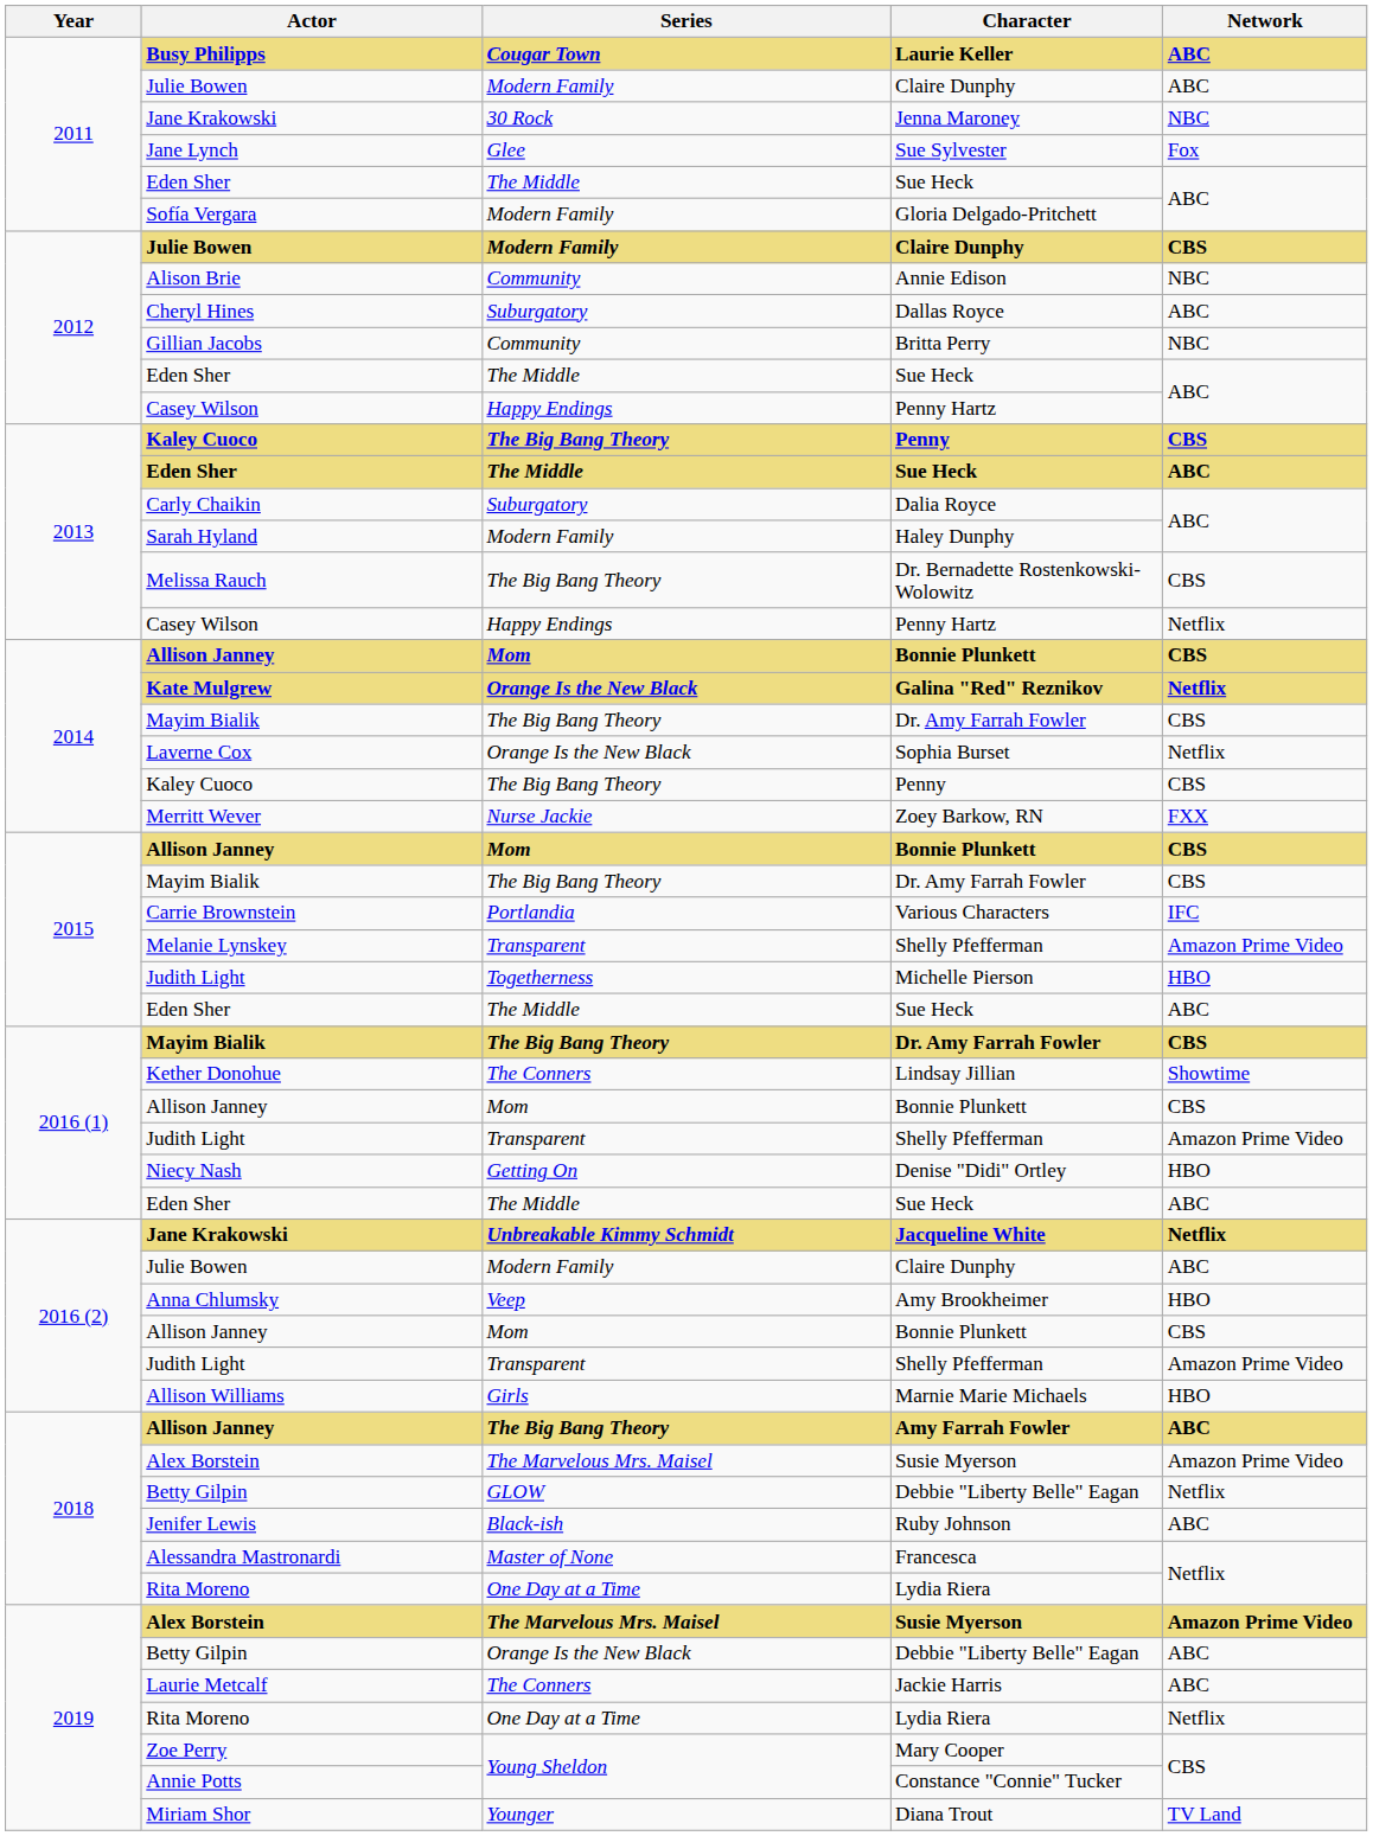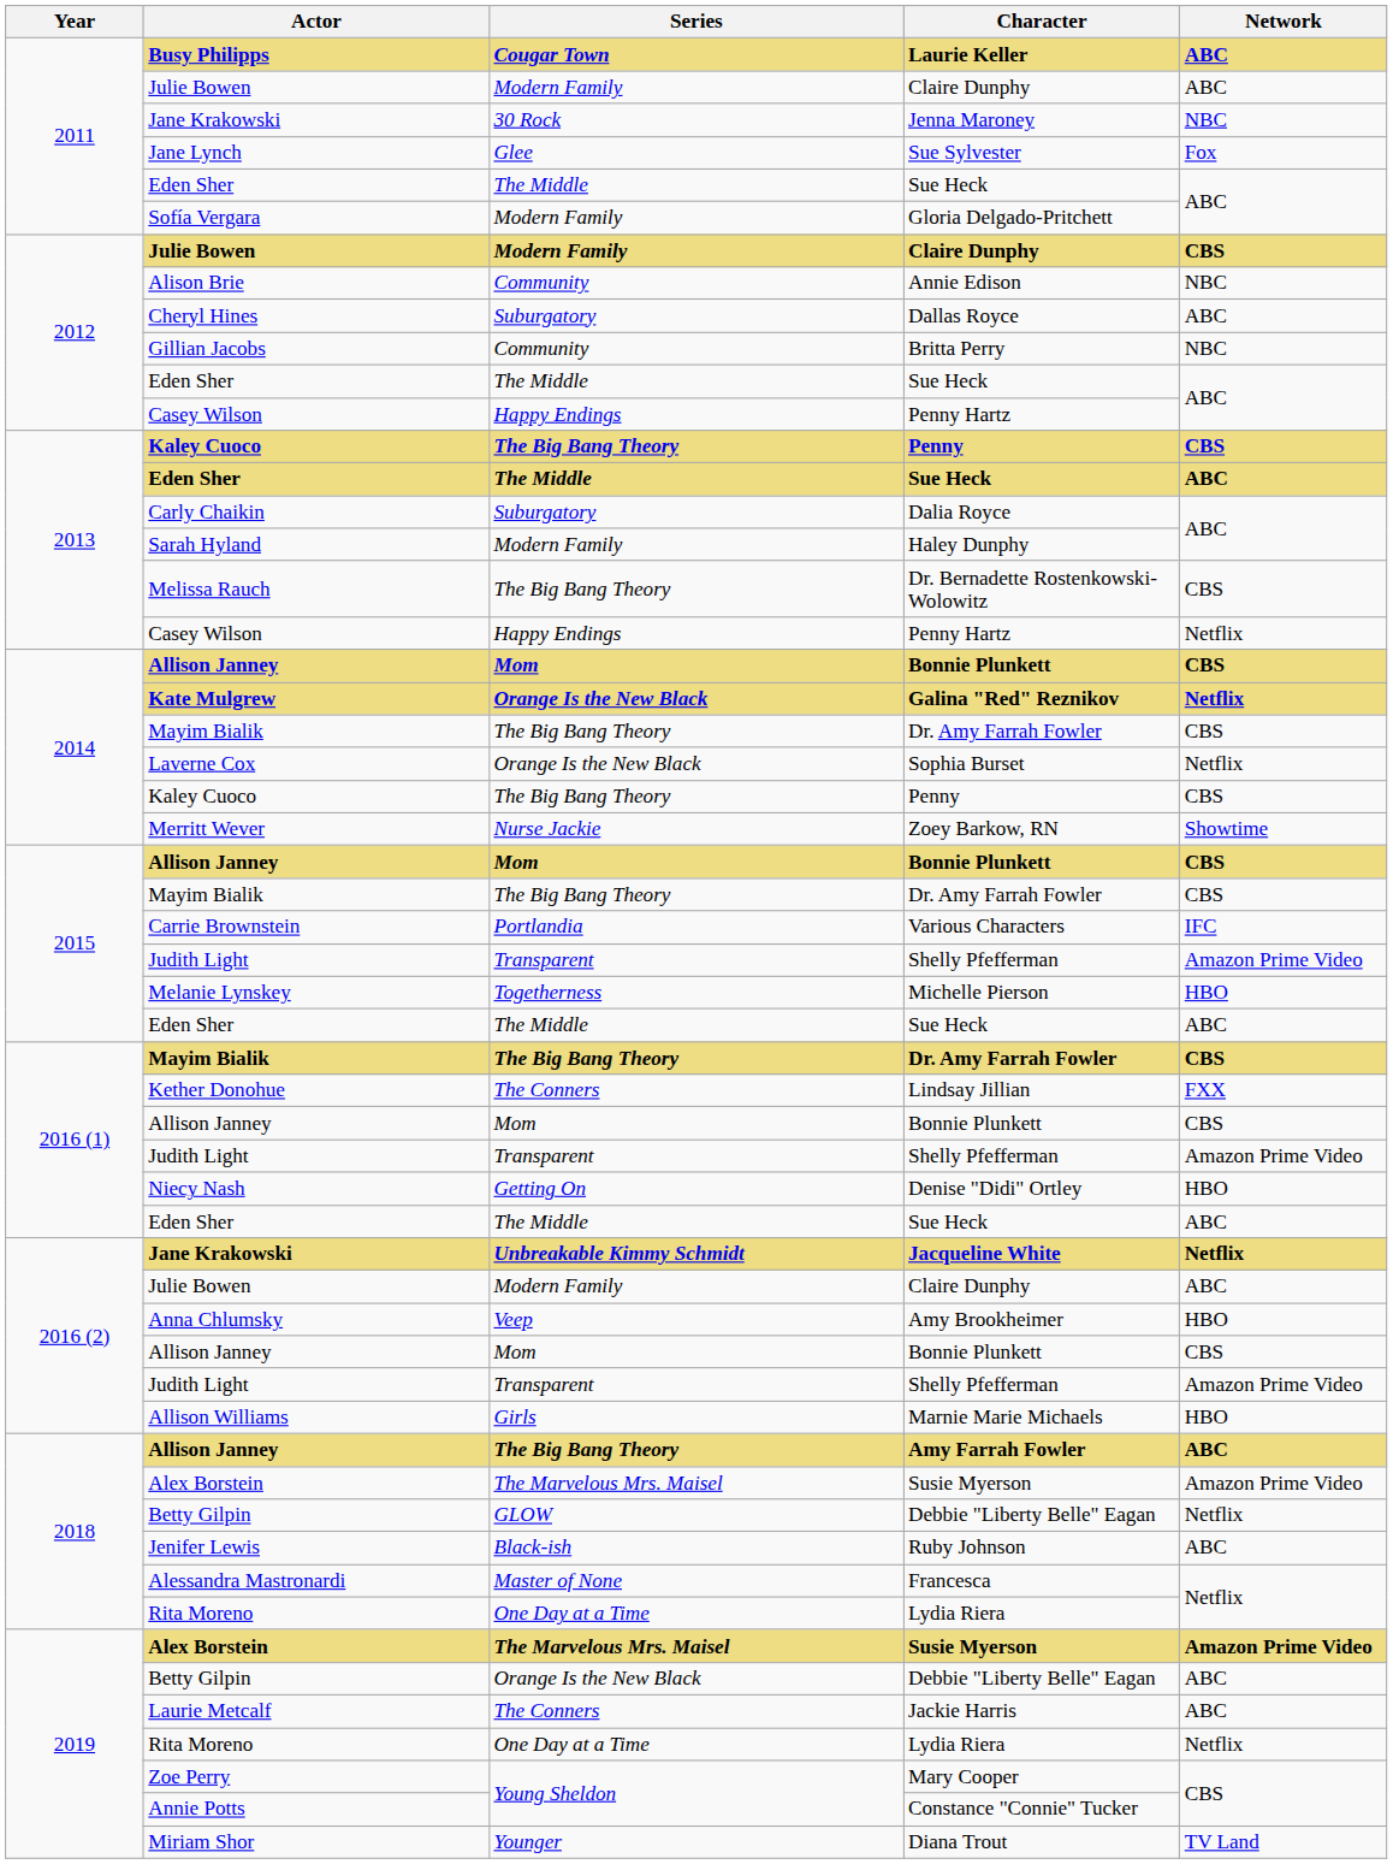 <table class="wikitable sortable" style="width:85%">
 <tr style="background:#bebebe;">
 <th style="width:10%;">Year</th>
 <th style="wodth:25%;">Actor</th>
 <th style="width:30%;">Series</th>
 <th style="width:20%;">Character</th>
 <th style="width:15%;">Network</th>
 </tr>
 <tr>
 <td rowspan="6" style="text-align:center;"><a href='#'>2011</a><br></td>
 <td style="background:#EEDD82;"><strong><a href='#'>Busy Philipps</a></strong></td>
 <td style="background:#EEDD82;"><strong><em><a href='#'>Cougar Town</a></em></strong></td>
 <td style="background:#EEDD82;"><strong>Laurie Keller</strong></td>
 <td style="background:#EEDD82;"><strong><a href='#'>ABC</a></strong></td>
 </tr>
 <tr>
 <td><a href='#'>Julie Bowen</a></td>
 <td><em><a href='#'>Modern Family</a></em></td>
 <td>Claire Dunphy</td>
 <td>ABC</td>
 </tr>
 <tr>
 <td><a href='#'>Jane Krakowski</a></td>
 <td><em><a href='#'>30 Rock</a></em></td>
 <td><a href='#'>Jenna Maroney</a></td>
 <td><a href='#'>NBC</a></td>
 </tr>
 <tr>
 <td><a href='#'>Jane Lynch</a></td>
 <td><em><a href='#'>Glee</a></em></td>
 <td><a href='#'>Sue Sylvester</a></td>
 <td><a href='#'>Fox</a></td>
 </tr>
 <tr>
 <td><a href='#'>Eden Sher</a></td>
 <td><em><a href='#'>The Middle</a></em></td>
 <td>Sue Heck</td>
 <td rowspan="2">ABC</td>
 </tr>
 <tr>
 <td><a href='#'>Sofía Vergara</a></td>
 <td><em>Modern Family</em></td>
 <td>Gloria Delgado-Pritchett</td>
 </tr>
 <tr>
 <td rowspan="6" style="text-align:center;"><a href='#'>2012</a><br></td>
 <td style="background:#EEDD82;"><strong>Julie Bowen</strong></td>
 <td style="background:#EEDD82;"><strong><em>Modern Family</em></strong></td>
 <td style="background:#EEDD82;"><strong>Claire Dunphy</strong></td>
 <td style="background:#EEDD82;"><strong>CBS</strong></td>
 </tr>
 <tr>
 <td><a href='#'>Alison Brie</a></td>
 <td><em><a href='#'>Community</a></em></td>
 <td>Annie Edison</td>
 <td>NBC</td>
 </tr>
 <tr>
 <td><a href='#'>Cheryl Hines</a></td>
 <td><em><a href='#'>Suburgatory</a></em></td>
 <td>Dallas Royce</td>
 <td>ABC</td>
 </tr>
 <tr>
 <td><a href='#'>Gillian Jacobs</a></td>
 <td><em>Community</em></td>
 <td>Britta Perry</td>
 <td>NBC</td>
 </tr>
 <tr>
 <td>Eden Sher</td>
 <td><em>The Middle</em></td>
 <td>Sue Heck</td>
 <td rowspan="2">ABC</td>
 </tr>
 <tr>
 <td><a href='#'>Casey Wilson</a></td>
 <td><em><a href='#'>Happy Endings</a></em></td>
 <td>Penny Hartz</td>
 </tr>
 <tr>
 <td rowspan="6" style="text-align:center;"><a href='#'>2013</a><br></td>
 <td style="background:#EEDD82;"><strong><a href='#'>Kaley Cuoco</a></strong></td>
 <td style="background:#EEDD82;"><strong><em><a href='#'>The Big Bang Theory</a></em></strong></td>
 <td style="background:#EEDD82;"><strong><a href='#'>Penny</a></strong></td>
 <td style="background:#EEDD82;"><strong><a href='#'>CBS</a></strong></td>
 </tr>
 <tr>
 <td style="background:#EEDD82;"><strong>Eden Sher</strong></td>
 <td style="background:#EEDD82;"><strong><em>The Middle</em></strong></td>
 <td style="background:#EEDD82;"><strong>Sue Heck</strong></td>
 <td style="background:#EEDD82;"><strong>ABC</strong></td>
 </tr>
 <tr>
 <td><a href='#'>Carly Chaikin</a></td>
 <td><em><a href='#'>Suburgatory</a></em></td>
 <td>Dalia Royce</td>
 <td rowspan="2">ABC</td>
 </tr>
 <tr>
 <td><a href='#'>Sarah Hyland</a></td>
 <td><em>Modern Family</em></td>
 <td>Haley Dunphy</td>
 </tr>
 <tr>
 <td><a href='#'>Melissa Rauch</a></td>
 <td><em>The Big Bang Theory</em></td>
 <td>Dr. Bernadette Rostenkowski-Wolowitz</td>
 <td>CBS</td>
 </tr>
 <tr>
 <td>Casey Wilson</td>
 <td><em>Happy Endings</em></td>
 <td>Penny Hartz</td>
 <td>Netflix</td>
 </tr>
 <tr>
 <td rowspan="6" style="text-align:center;"><a href='#'>2014</a><br></td>
 <td style="background:#EEDD82;"><strong><a href='#'>Allison Janney</a></strong></td>
 <td style="background:#EEDD82;"><strong><em><a href='#'>Mom</a></em></strong></td>
 <td style="background:#EEDD82;"><strong>Bonnie Plunkett</strong></td>
 <td style="background:#EEDD82;"><strong>CBS</strong></td>
 </tr>
 <tr>
 <td style="background:#EEDD82;"><strong><a href='#'>Kate Mulgrew</a></strong></td>
 <td style="background:#EEDD82;"><strong><em><a href='#'>Orange Is the New Black</a></em></strong></td>
 <td style="background:#EEDD82;"><strong>Galina "Red" Reznikov</strong></td>
 <td style="background:#EEDD82;"><strong><a href='#'>Netflix</a></strong></td>
 </tr>
 <tr>
 <td><a href='#'>Mayim Bialik</a></td>
 <td><em>The Big Bang Theory</em></td>
 <td>Dr. <a href='#'>Amy Farrah Fowler</a></td>
 <td>CBS</td>
 </tr>
 <tr>
 <td><a href='#'>Laverne Cox</a></td>
 <td><em>Orange Is the New Black</em></td>
 <td>Sophia Burset</td>
 <td>Netflix</td>
 </tr>
 <tr>
 <td>Kaley Cuoco</td>
 <td><em>The Big Bang Theory</em></td>
 <td>Penny</td>
 <td>CBS</td>
 </tr>
 <tr>
 <td><a href='#'>Merritt Wever</a></td>
 <td><em><a href='#'>Nurse Jackie</a></em></td>
 <td>Zoey Barkow, RN</td>
-<td><a href='#'>FXX</a></td>
+<td><a href='#'>Showtime</a></td>
 </tr>
 <tr>
 <td rowspan="6" style="text-align:center;"><a href='#'>2015</a></td>
 <td style="background:#EEDD82;"><strong>Allison Janney</strong></td>
 <td style="background:#EEDD82;"><strong><em>Mom</em></strong></td>
 <td style="background:#EEDD82;"><strong>Bonnie Plunkett</strong></td>
 <td style="background:#EEDD82;"><strong>CBS</strong></td>
 </tr>
 <tr>
 <td>Mayim Bialik</td>
 <td><em>The Big Bang Theory</em></td>
 <td>Dr. Amy Farrah Fowler</td>
 <td>CBS</td>
 </tr>
 <tr>
 <td><a href='#'>Carrie Brownstein</a></td>
 <td><em><a href='#'>Portlandia</a></em></td>
 <td>Various Characters</td>
 <td><a href='#'>IFC</a></td>
 </tr>
 <tr>
-<td><a href='#'>Melanie Lynskey</a></td>
+<td><a href='#'>Judith Light</a></td>
 <td><em><a href='#'>Transparent</a></em></td>
 <td>Shelly Pfefferman</td>
 <td><a href='#'>Amazon Prime Video</a></td>
 </tr>
 <tr>
-<td><a href='#'>Judith Light</a></td>
+<td><a href='#'>Melanie Lynskey</a></td>
 <td><em><a href='#'>Togetherness</a></em></td>
 <td>Michelle Pierson</td>
 <td><a href='#'>HBO</a></td>
 </tr>
 <tr>
 <td>Eden Sher</td>
 <td><em>The Middle</em></td>
 <td>Sue Heck</td>
 <td>ABC</td>
 </tr>
 <tr>
 <td rowspan="6" style="text-align:center;"><a href='#'>2016 (1)</a><br></td>
 <td style="background:#EEDD82;"><strong>Mayim Bialik</strong></td>
 <td style="background:#EEDD82;"><strong><em>The Big Bang Theory</em></strong></td>
 <td style="background:#EEDD82;"><strong>Dr. Amy Farrah Fowler</strong></td>
 <td style="background:#EEDD82;"><strong>CBS</strong></td>
 </tr>
 <tr>
 <td><a href='#'>Kether Donohue</a></td>
 <td><em><a href='#'>The Conners</a></em></td>
 <td>Lindsay Jillian</td>
-<td><a href='#'>Showtime</a></td>
+<td><a href='#'>FXX</a></td>
 </tr>
 <tr>
 <td>Allison Janney</td>
 <td><em>Mom</em></td>
 <td>Bonnie Plunkett</td>
 <td>CBS</td>
 </tr>
 <tr>
 <td>Judith Light</td>
 <td><em>Transparent</em></td>
 <td>Shelly Pfefferman</td>
 <td>Amazon Prime Video</td>
 </tr>
 <tr>
 <td><a href='#'>Niecy Nash</a></td>
 <td><em><a href='#'>Getting On</a></em></td>
 <td>Denise "Didi" Ortley</td>
 <td>HBO</td>
 </tr>
 <tr>
 <td>Eden Sher</td>
 <td><em>The Middle</em></td>
 <td>Sue Heck</td>
 <td>ABC</td>
 </tr>
 <tr>
 <td rowspan="6" style="text-align:center;"><a href='#'>2016 (2)</a><br></td>
 <td style="background:#EEDD82;"><strong>Jane Krakowski</strong></td>
 <td style="background:#EEDD82;"><strong><em><a href='#'>Unbreakable Kimmy Schmidt</a></em></strong></td>
 <td style="background:#EEDD82;"><strong><a href='#'>Jacqueline White</a></strong></td>
 <td style="background:#EEDD82;"><strong>Netflix</strong></td>
 </tr>
 <tr>
 <td>Julie Bowen</td>
 <td><em>Modern Family</em></td>
 <td>Claire Dunphy</td>
 <td>ABC</td>
 </tr>
 <tr>
 <td><a href='#'>Anna Chlumsky</a></td>
 <td><em><a href='#'>Veep</a></em></td>
 <td>Amy Brookheimer</td>
 <td>HBO</td>
 </tr>
 <tr>
 <td>Allison Janney</td>
 <td><em>Mom</em></td>
 <td>Bonnie Plunkett</td>
 <td>CBS</td>
 </tr>
 <tr>
 <td>Judith Light</td>
 <td><em>Transparent</em></td>
 <td>Shelly Pfefferman</td>
 <td>Amazon Prime Video</td>
 </tr>
 <tr>
 <td><a href='#'>Allison Williams</a></td>
 <td><em><a href='#'>Girls</a></em></td>
 <td>Marnie Marie Michaels</td>
 <td>HBO</td>
 </tr>
 <tr>
 <td rowspan="6" style="text-align:center;"><a href='#'>2018</a><br></td>
 <td style="background:#EEDD82;"><strong>Allison Janney</strong></td>
 <td style="background:#EEDD82;"><strong><em>The Big Bang Theory</em></strong></td>
 <td style="background:#EEDD82;"><strong>Amy Farrah Fowler</strong></td>
 <td style="background:#EEDD82;"><strong>ABC</strong></td>
 </tr>
 <tr>
 <td><a href='#'>Alex Borstein</a></td>
 <td><em><a href='#'>The Marvelous Mrs. Maisel</a></em></td>
 <td>Susie Myerson</td>
 <td>Amazon Prime Video</td>
 </tr>
 <tr>
 <td><a href='#'>Betty Gilpin</a></td>
 <td><em><a href='#'>GLOW</a></em></td>
 <td>Debbie "Liberty Belle" Eagan</td>
 <td>Netflix</td>
 </tr>
 <tr>
 <td><a href='#'>Jenifer Lewis</a></td>
 <td><em><a href='#'>Black-ish</a></em></td>
 <td>Ruby Johnson</td>
 <td>ABC</td>
 </tr>
 <tr>
 <td><a href='#'>Alessandra Mastronardi</a></td>
 <td><em><a href='#'>Master of None</a></em></td>
 <td>Francesca</td>
 <td rowspan="2">Netflix</td>
 </tr>
 <tr>
 <td><a href='#'>Rita Moreno</a></td>
 <td><em><a href='#'>One Day at a Time</a></em></td>
 <td>Lydia Riera</td>
 </tr>
 <tr>
 <td rowspan="7" style="text-align:center;"><a href='#'>2019</a><br></td>
 <td style="background:#EEDD82;"><strong>Alex Borstein</strong></td>
 <td style="background:#EEDD82;"><strong><em>The Marvelous Mrs. Maisel</em></strong></td>
 <td style="background:#EEDD82;"><strong>Susie Myerson</strong></td>
 <td style="background:#EEDD82;"><strong>Amazon Prime Video</strong></td>
 </tr>
 <tr>
 <td>Betty Gilpin</td>
 <td><em>Orange Is the New Black</em></td>
 <td>Debbie "Liberty Belle" Eagan</td>
 <td>ABC</td>
 </tr>
 <tr>
 <td><a href='#'>Laurie Metcalf</a></td>
 <td><em><a href='#'>The Conners</a></em></td>
 <td>Jackie Harris</td>
 <td>ABC</td>
 </tr>
 <tr>
 <td>Rita Moreno</td>
 <td><em>One Day at a Time</em></td>
 <td>Lydia Riera</td>
 <td>Netflix</td>
 </tr>
 <tr>
 <td><a href='#'>Zoe Perry</a></td>
 <td rowspan="2"><em><a href='#'>Young Sheldon</a></em></td>
 <td>Mary Cooper</td>
 <td rowspan="2">CBS</td>
 </tr>
 <tr>
 <td><a href='#'>Annie Potts</a></td>
 <td>Constance "Connie" Tucker</td>
 </tr>
 <tr>
 <td><a href='#'>Miriam Shor</a></td>
 <td><em><a href='#'>Younger</a></em></td>
 <td>Diana Trout</td>
 <td><a href='#'>TV Land</a></td>
 </tr>
 </table>
